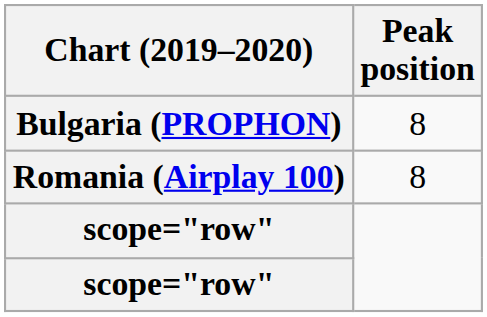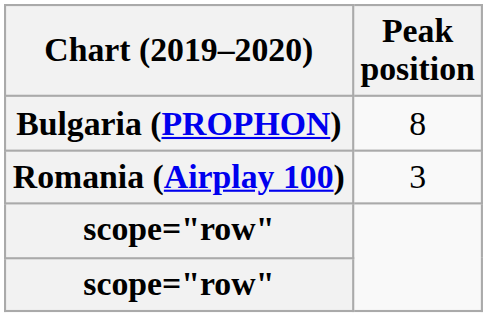 <table class="wikitable sortable plainrowheaders" style="text-align:center">
 <tr>
 <th>Chart (2019–2020)</th>
 <th>Peak<br>position</th>
 </tr>
 <tr>
 <th scope="row">Bulgaria (<a href='#'>PROPHON</a>)</th>
 <td>8</td>
 </tr>
 <tr>
 <th scope="row">Romania (<a href='#'>Airplay 100</a>)</th>
-<td>8</td>
+<td>3</td>
 </tr>
 <tr>
 <th>scope="row"</th>
 </tr>
 <tr>
 <th>scope="row"</th>
 </tr>
 </table>
